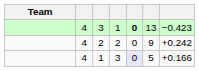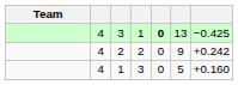 <table class="wikitable" style="text-align:center">
 <tr>
 <th style="width:110px;">Team</th>
 <th width="20"></th>
 <th width="20"></th>
 <th width="20"></th>
 <th width="20"></th>
 <th width="20"></th>
 <th width="50"><a href='#'></a></th>
 </tr>
 <tr style="background:#cfc;">
 <td align=left></td>
 <td>4</td>
 <td>3</td>
 <td>1</td>
 <td><strong>0</strong></td>
 <td>13</td>
-<td>−0.423</td>
+<td>−0.425</td>
 </tr>
 <tr>
 <td align=left></td>
 <td>4</td>
 <td>2</td>
 <td>2</td>
 <td>0</td>
 <td>9</td>
 <td>+0.242</td>
 </tr>
 <tr>
 <td align=left></td>
 <td>4</td>
 <td>1</td>
 <td>3</td>
-<td style="background: lavender;">0</td>
+<td>0</td>
 <td>5</td>
-<td>+0.166</td>
+<td>+0.160</td>
 </tr>
 </table>
